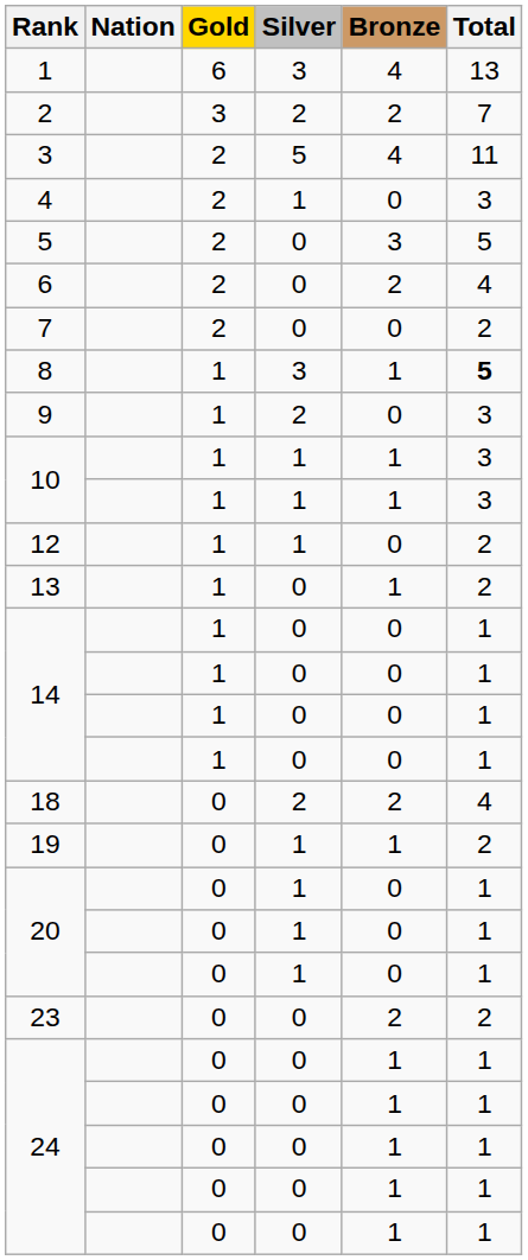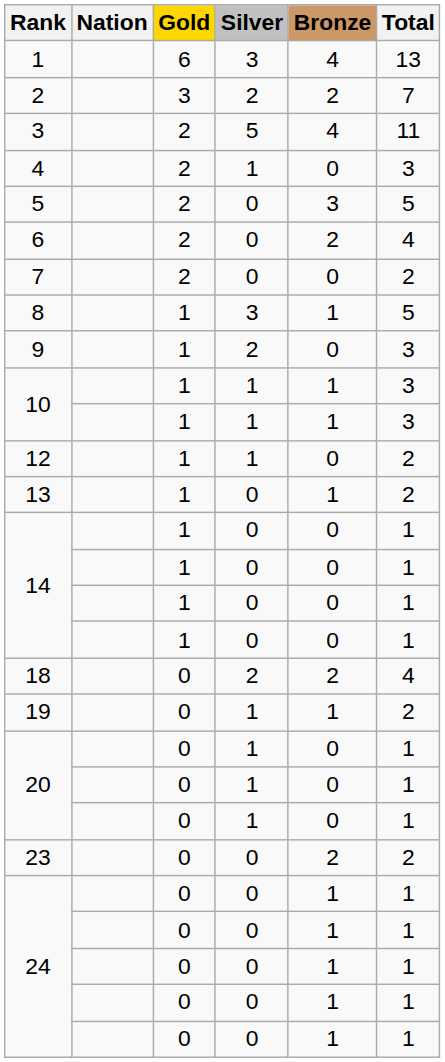 <table class="wikitable sortable" style="text-align:center">
 <tr>
 <th>Rank</th>
 <th>Nation</th>
 <th style="background-color:gold">Gold</th>
 <th style="background-color:silver">Silver</th>
 <th style="background-color:#cc9966">Bronze</th>
 <th>Total</th>
 </tr>
 <tr>
 <td>1</td>
 <td align=left></td>
 <td>6</td>
 <td>3</td>
 <td>4</td>
 <td>13</td>
 </tr>
 <tr>
 <td>2</td>
 <td align=left></td>
 <td>3</td>
 <td>2</td>
 <td>2</td>
 <td>7</td>
 </tr>
 <tr>
 <td>3</td>
 <td align=left></td>
 <td>2</td>
 <td>5</td>
 <td>4</td>
 <td>11</td>
 </tr>
 <tr>
 <td>4</td>
 <td align=left></td>
 <td>2</td>
 <td>1</td>
 <td>0</td>
 <td>3</td>
 </tr>
 <tr>
 <td>5</td>
 <td align=left></td>
 <td>2</td>
 <td>0</td>
 <td>3</td>
 <td>5</td>
 </tr>
 <tr>
 <td>6</td>
 <td align=left></td>
 <td>2</td>
 <td>0</td>
 <td>2</td>
 <td>4</td>
 </tr>
 <tr>
 <td>7</td>
 <td align=left></td>
 <td>2</td>
 <td>0</td>
 <td>0</td>
 <td>2</td>
 </tr>
 <tr>
 <td>8</td>
 <td align=left></td>
 <td>1</td>
 <td>3</td>
 <td>1</td>
-<td><strong>5</strong></td>
+<td>5</td>
 </tr>
 <tr>
 <td>9</td>
 <td align=left></td>
 <td>1</td>
 <td>2</td>
 <td>0</td>
 <td>3</td>
 </tr>
 <tr>
 <td rowspan=2>10</td>
 <td align=left></td>
 <td>1</td>
 <td>1</td>
 <td>1</td>
 <td>3</td>
 </tr>
 <tr>
 <td align=left></td>
 <td>1</td>
 <td>1</td>
 <td>1</td>
 <td>3</td>
 </tr>
 <tr>
 <td>12</td>
 <td align=left></td>
 <td>1</td>
 <td>1</td>
 <td>0</td>
 <td>2</td>
 </tr>
 <tr>
 <td>13</td>
 <td align=left></td>
 <td>1</td>
 <td>0</td>
 <td>1</td>
 <td>2</td>
 </tr>
 <tr>
 <td rowspan=4>14</td>
 <td align=left></td>
 <td>1</td>
 <td>0</td>
 <td>0</td>
 <td>1</td>
 </tr>
 <tr>
 <td align=left></td>
 <td>1</td>
 <td>0</td>
 <td>0</td>
 <td>1</td>
 </tr>
 <tr>
 <td align=left></td>
 <td>1</td>
 <td>0</td>
 <td>0</td>
 <td>1</td>
 </tr>
 <tr>
 <td align=left></td>
 <td>1</td>
 <td>0</td>
 <td>0</td>
 <td>1</td>
 </tr>
 <tr>
 <td>18</td>
 <td align=left></td>
 <td>0</td>
 <td>2</td>
 <td>2</td>
 <td>4</td>
 </tr>
 <tr>
 <td>19</td>
 <td align=left></td>
 <td>0</td>
 <td>1</td>
 <td>1</td>
 <td>2</td>
 </tr>
 <tr>
 <td rowspan=3>20</td>
 <td align=left></td>
 <td>0</td>
 <td>1</td>
 <td>0</td>
 <td>1</td>
 </tr>
 <tr>
 <td align=left></td>
 <td>0</td>
 <td>1</td>
 <td>0</td>
 <td>1</td>
 </tr>
 <tr>
 <td align=left></td>
 <td>0</td>
 <td>1</td>
 <td>0</td>
 <td>1</td>
 </tr>
 <tr>
 <td>23</td>
 <td align=left></td>
 <td>0</td>
 <td>0</td>
 <td>2</td>
 <td>2</td>
 </tr>
 <tr>
 <td rowspan=5>24</td>
 <td align=left></td>
 <td>0</td>
 <td>0</td>
 <td>1</td>
 <td>1</td>
 </tr>
 <tr>
 <td align=left></td>
 <td>0</td>
 <td>0</td>
 <td>1</td>
 <td>1</td>
 </tr>
 <tr>
 <td align=left></td>
 <td>0</td>
 <td>0</td>
 <td>1</td>
 <td>1</td>
 </tr>
 <tr>
 <td align=left></td>
 <td>0</td>
 <td>0</td>
 <td>1</td>
 <td>1</td>
 </tr>
 <tr>
 <td align=left></td>
 <td>0</td>
 <td>0</td>
 <td>1</td>
 <td>1</td>
 </tr>
 </table>
